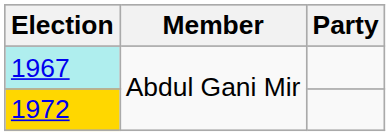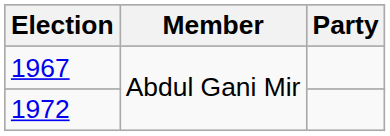 <table class="wikitable sortable">
 <tr>
 <th>Election</th>
 <th>Member</th>
 <th colspan=2>Party</th>
 </tr>
 <tr>
-<td style="background: paleturquoise;"><a href='#'>1967</a></td>
+<td><a href='#'>1967</a></td>
 <td rowspan=2>Abdul Gani Mir</td>
 <td></td>
 </tr>
 <tr>
-<td style="background: gold;"><a href='#'>1972</a></td>
+<td><a href='#'>1972</a></td>
 </tr>
 </table>
